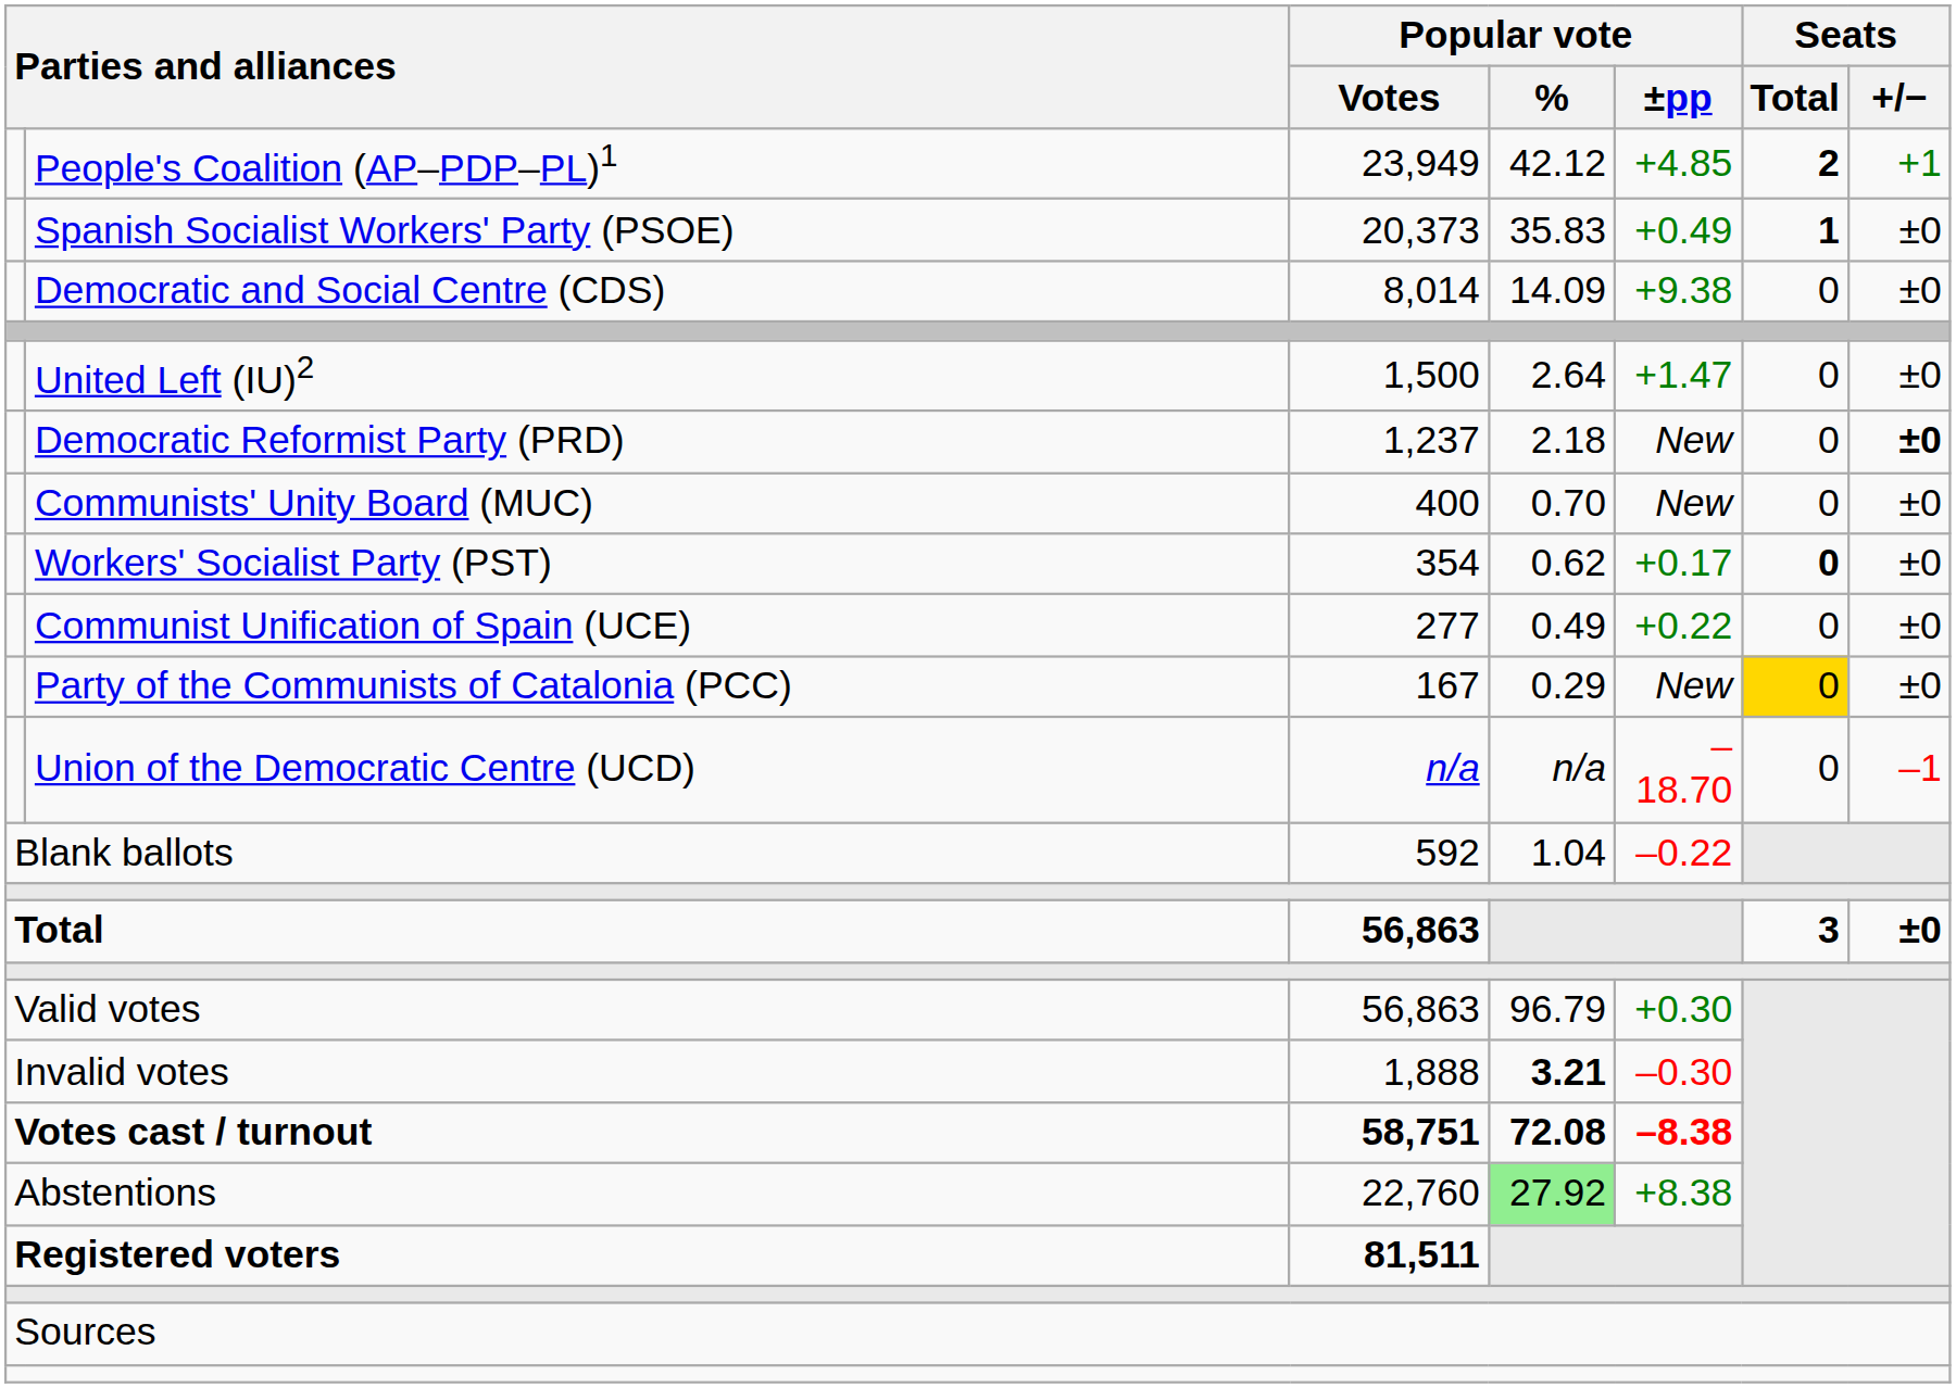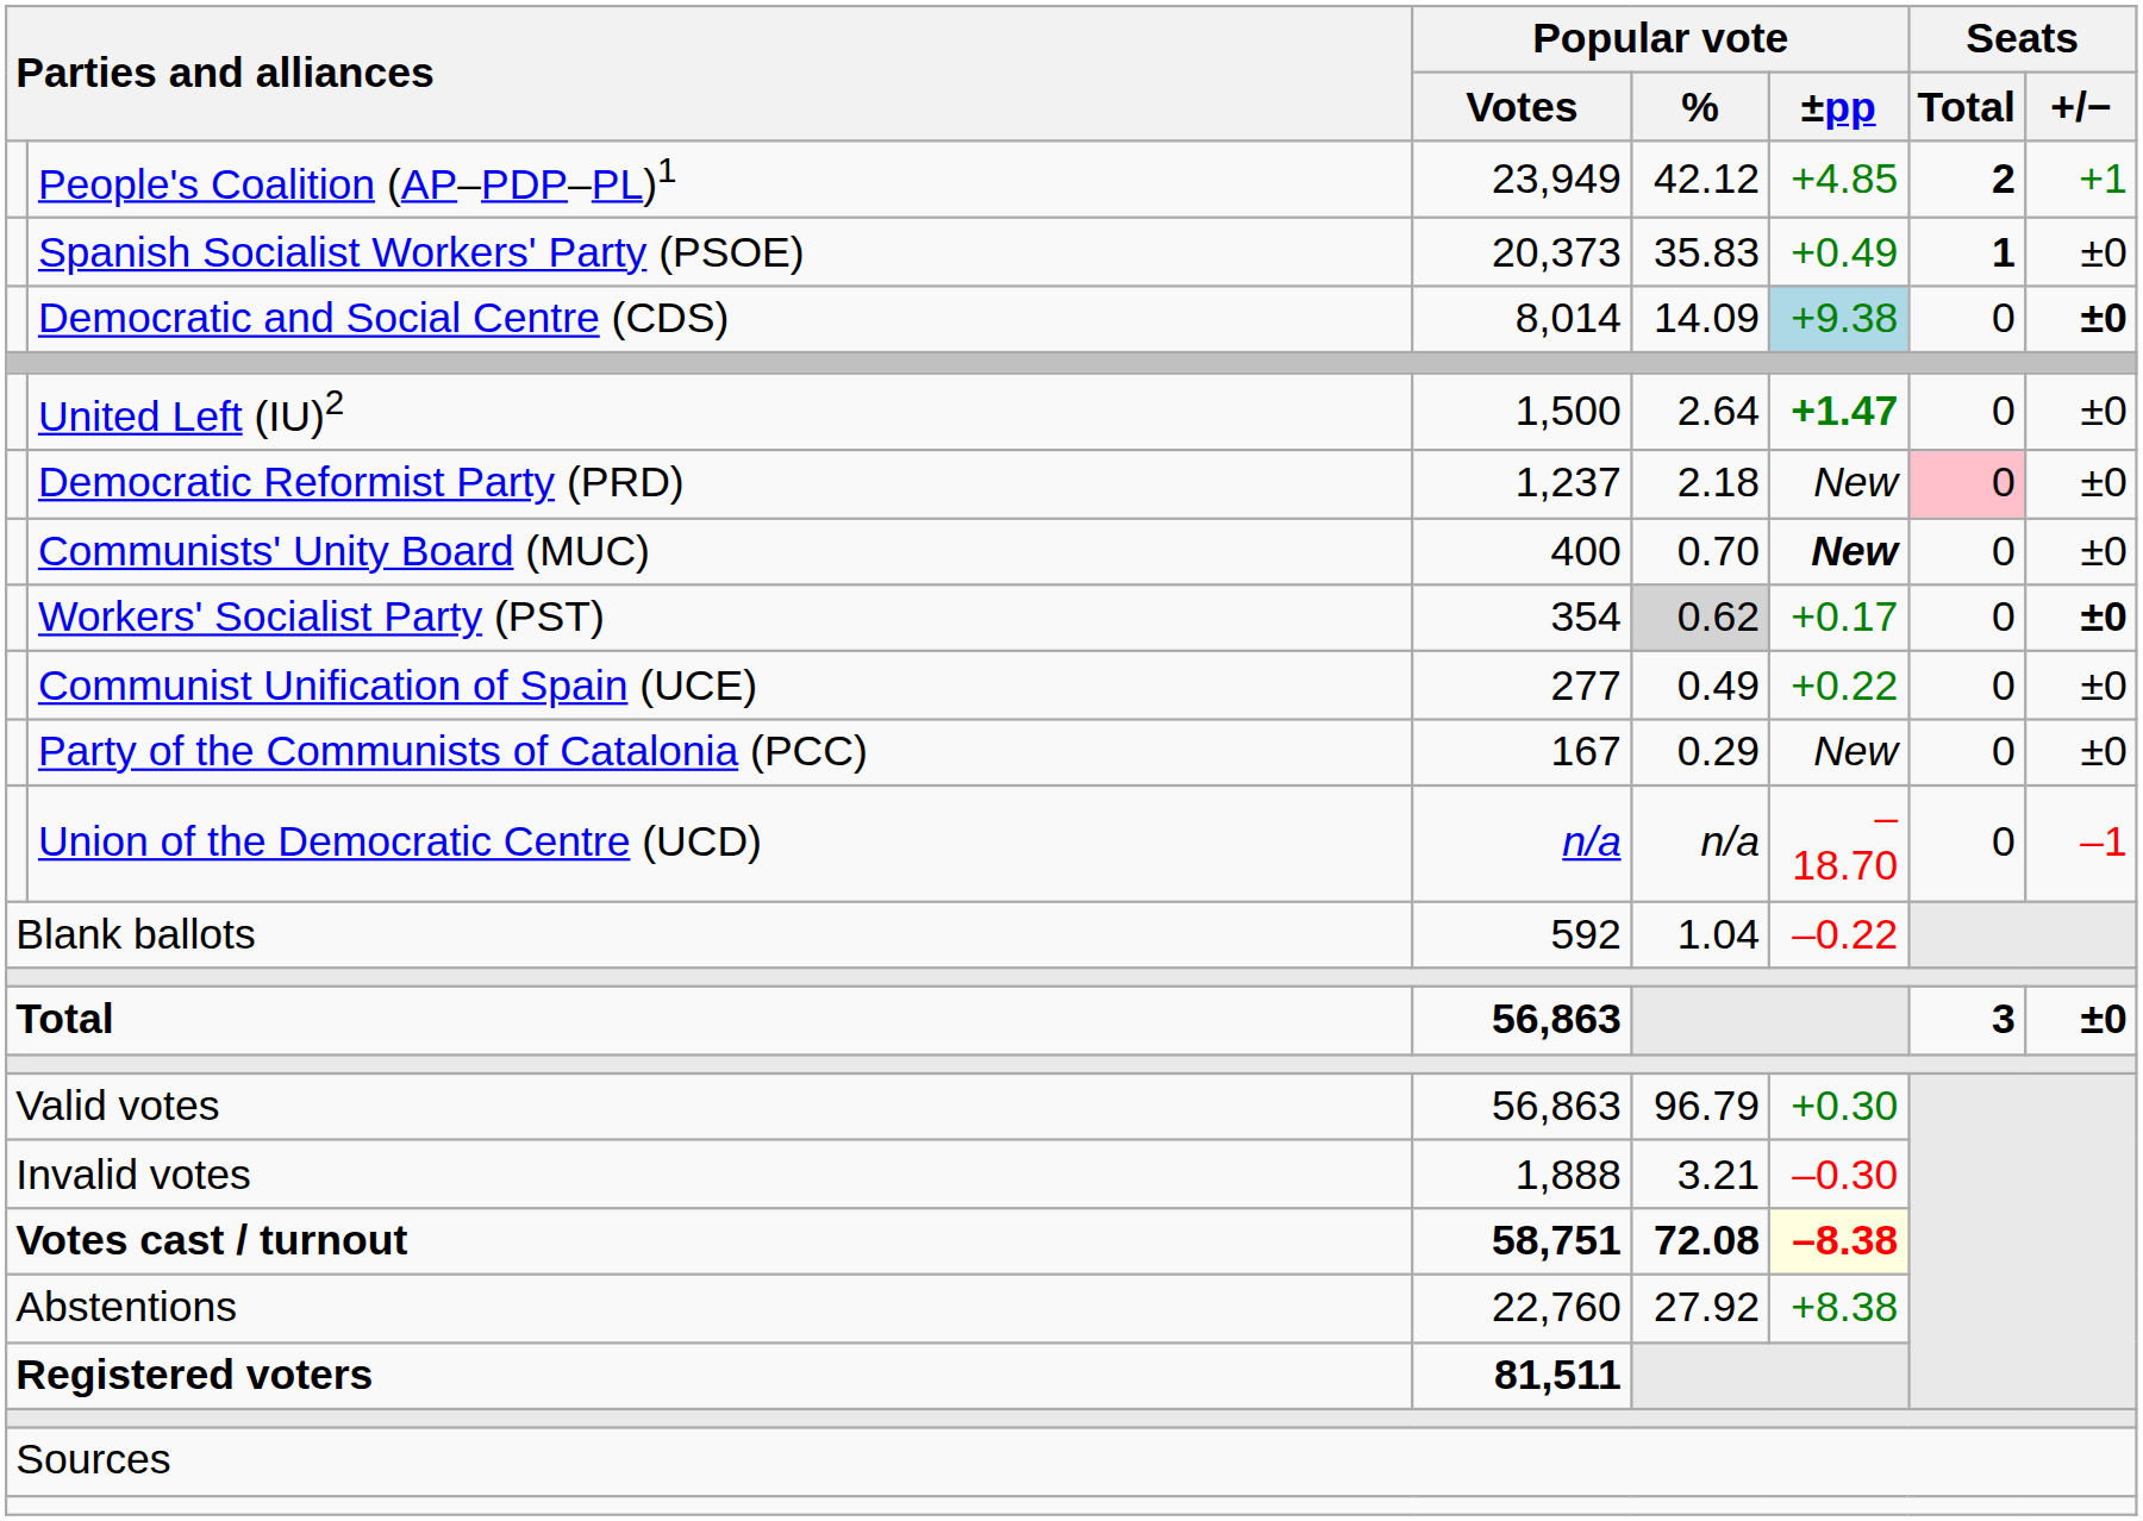 <table class="wikitable" style="text-align:right;">
 <tr>
 <th style="text-align:left;" rowspan="2" colspan="2" width="525">Parties and alliances</th>
 <th colspan="3">Popular vote</th>
 <th colspan="2">Seats</th>
 </tr>
 <tr>
 <th width="75">Votes</th>
 <th width="45">%</th>
 <th width="45">±<a href='#'>pp</a></th>
 <th width="35">Total</th>
 <th width="35">+/−</th>
 </tr>
 <tr>
 <td width="1" style="color:inherit;background:"></td>
 <td align="left"><a href='#'>People's Coalition</a> (<a href='#'>AP</a>–<a href='#'>PDP</a>–<a href='#'>PL</a>)<sup>1</sup></td>
 <td>23,949</td>
 <td>42.12</td>
 <td style="color:green;">+4.85</td>
 <td><strong>2</strong></td>
 <td style="color:green;">+1</td>
 </tr>
 <tr>
 <td style="color:inherit;background:"></td>
 <td align="left"><a href='#'>Spanish Socialist Workers' Party</a> (PSOE)</td>
 <td>20,373</td>
 <td>35.83</td>
 <td style="color:green;">+0.49</td>
 <td><strong>1</strong></td>
 <td>±0</td>
 </tr>
 <tr>
 <td style="color:inherit;background:"></td>
 <td align="left"><a href='#'>Democratic and Social Centre</a> (CDS)</td>
 <td>8,014</td>
 <td>14.09</td>
-<td style="color:green;">+9.38</td>
+<td style="background: lightblue; color:green;">+9.38</td>
 <td>0</td>
-<td>±0</td>
+<td><strong>±0</strong></td>
 </tr>
 <tr>
 <td colspan="7" bgcolor="#C0C0C0"></td>
 </tr>
 <tr>
 <td style="color:inherit;background:"></td>
 <td align="left"><a href='#'>United Left</a> (IU)<sup>2</sup></td>
 <td>1,500</td>
 <td>2.64</td>
-<td style="color:green;">+1.47</td>
+<td style="color:green;"><strong>+1.47</strong></td>
 <td>0</td>
 <td>±0</td>
 </tr>
 <tr>
 <td style="color:inherit;background:"></td>
 <td align="left"><a href='#'>Democratic Reformist Party</a> (PRD)</td>
 <td>1,237</td>
 <td>2.18</td>
 <td><em>New</em></td>
-<td>0</td>
-<td><strong>±0</strong></td>
+<td style="background: pink;">0</td>
+<td>±0</td>
 </tr>
 <tr>
 <td style="color:inherit;background:"></td>
 <td align="left"><a href='#'>Communists' Unity Board</a> (MUC)</td>
 <td>400</td>
 <td>0.70</td>
-<td><em>New</em></td>
+<td><strong><em>New</em></strong></td>
 <td>0</td>
 <td>±0</td>
 </tr>
 <tr>
 <td style="color:inherit;background:"></td>
 <td align="left"><a href='#'>Workers' Socialist Party</a> (PST)</td>
 <td>354</td>
-<td>0.62</td>
+<td style="background: lightgrey;">0.62</td>
 <td style="color:green;">+0.17</td>
-<td><strong>0</strong></td>
-<td>±0</td>
+<td>0</td>
+<td><strong>±0</strong></td>
 </tr>
 <tr>
 <td style="color:inherit;background:"></td>
 <td align="left"><a href='#'>Communist Unification of Spain</a> (UCE)</td>
 <td>277</td>
 <td>0.49</td>
 <td style="color:green;">+0.22</td>
 <td>0</td>
 <td>±0</td>
 </tr>
 <tr>
 <td style="color:inherit;background:"></td>
 <td align="left"><a href='#'>Party of the Communists of Catalonia</a> (PCC)</td>
 <td>167</td>
 <td>0.29</td>
 <td><em>New</em></td>
-<td style="background: gold;">0</td>
+<td>0</td>
 <td>±0</td>
 </tr>
 <tr>
 <td style="color:inherit;background:"></td>
 <td align="left"><a href='#'>Union of the Democratic Centre</a> (UCD)</td>
 <td><em><a href='#'>n/a</a></em></td>
 <td><em>n/a</em></td>
 <td style="color:red;">–18.70</td>
 <td>0</td>
 <td style="color:red;">–1</td>
 </tr>
 <tr>
 <td align="left" colspan="2">Blank ballots</td>
 <td>592</td>
 <td>1.04</td>
 <td style="color:red;">–0.22</td>
 <td bgcolor="#E9E9E9" colspan="2"></td>
 </tr>
 <tr>
 <td colspan="7" bgcolor="#E9E9E9"></td>
 </tr>
 <tr style="font-weight:bold;">
 <td align="left" colspan="2">Total</td>
 <td>56,863</td>
 <td bgcolor="#E9E9E9" colspan="2"></td>
 <td>3</td>
 <td>±0</td>
 </tr>
 <tr>
 <td colspan="7" bgcolor="#E9E9E9"></td>
 </tr>
 <tr>
 <td align="left" colspan="2">Valid votes</td>
 <td>56,863</td>
 <td>96.79</td>
 <td style="color:green;">+0.30</td>
 <td bgcolor="#E9E9E9" colspan="2" rowspan="5"></td>
 </tr>
 <tr>
 <td align="left" colspan="2">Invalid votes</td>
 <td>1,888</td>
-<td><strong>3.21</strong></td>
+<td>3.21</td>
 <td style="color:red;">–0.30</td>
 </tr>
 <tr style="font-weight:bold;">
 <td align="left" colspan="2">Votes cast / turnout</td>
 <td>58,751</td>
 <td>72.08</td>
-<td style="color:red;">–8.38</td>
+<td style="background: lightyellow; color:red;">–8.38</td>
 </tr>
 <tr>
 <td align="left" colspan="2">Abstentions</td>
 <td>22,760</td>
-<td style="background: lightgreen;">27.92</td>
+<td>27.92</td>
 <td style="color:green;">+8.38</td>
 </tr>
 <tr style="font-weight:bold;">
 <td align="left" colspan="2">Registered voters</td>
 <td>81,511</td>
 <td bgcolor="#E9E9E9" colspan="2"></td>
 </tr>
 <tr>
 <td colspan="7" bgcolor="#E9E9E9"></td>
 </tr>
 <tr>
 <td align="left" colspan="7">Sources</td>
 </tr>
 <tr>
 <td colspan="7" style="text-align:left; max-width:790px;"></td>
 </tr>
 </table>
